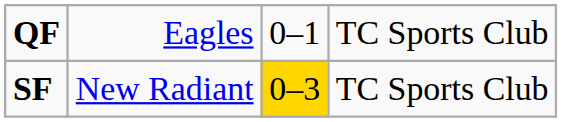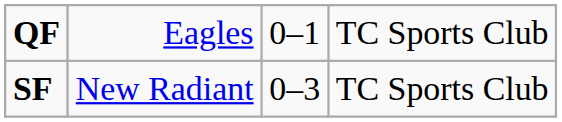 <table class="wikitable" style="font-size:95%">
 <tr>
 <td><strong>QF</strong></td>
 <td align=right><a href='#'>Eagles</a></td>
 <td>0–1</td>
 <td>TC Sports Club</td>
 </tr>
 <tr>
 <td><strong>SF</strong></td>
 <td align=right><a href='#'>New Radiant</a></td>
-<td style="background: gold;">0–3</td>
+<td>0–3</td>
 <td>TC Sports Club</td>
 </tr>
 </table>
